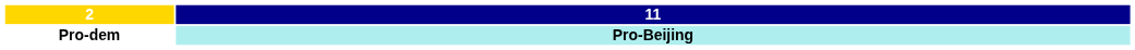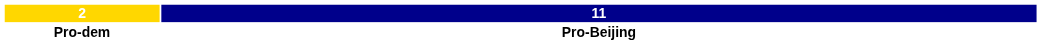 <table style="width:60%; text-align:center;">
 <tr style="color:white;">
 <td style="background:gold; width:15%;"><strong>2</strong></td>
 <td style="background:darkblue; width:85%;"><strong>11</strong></td>
 </tr>
 <tr>
 <td><span><strong>Pro-dem</strong></span></td>
-<td style="background: paleturquoise;"><span><strong>Pro-Beijing</strong></span></td>
+<td><span><strong>Pro-Beijing</strong></span></td>
 </tr>
 </table>
